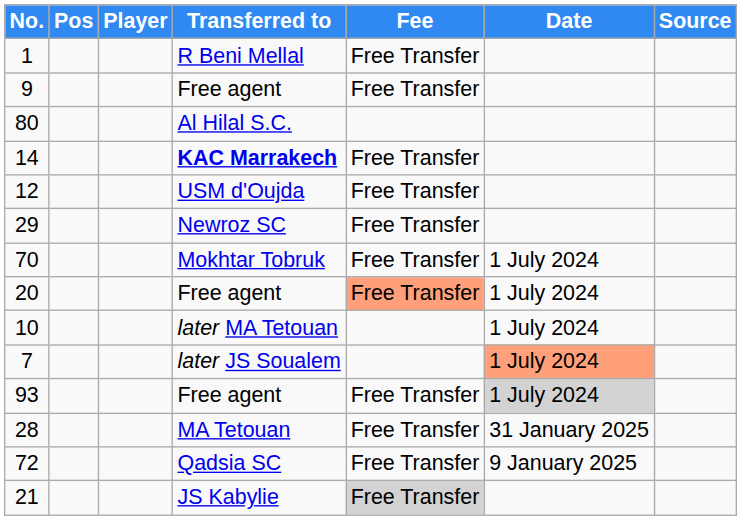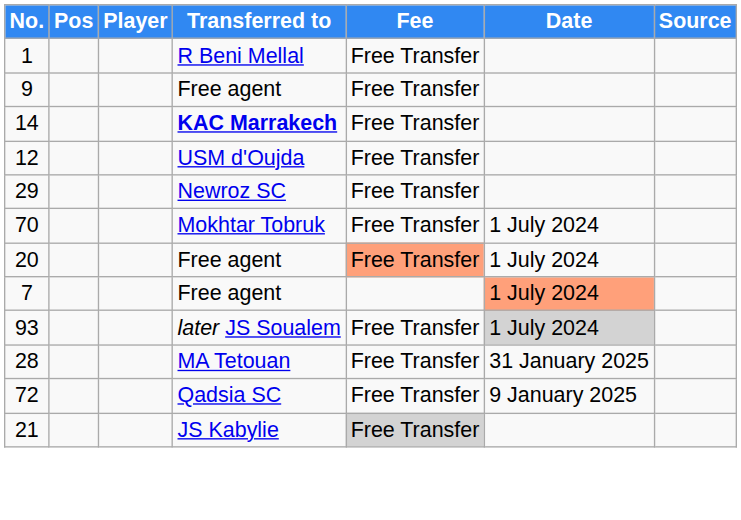 <table class="wikitable plainrowheaders sortable">
 <tr>
 <th style="background:#3088f2; color:#ffffff; ">No.</th>
 <th style="background:#3088f2; color:#ffffff; ">Pos</th>
 <th style="background:#3088f2; color:#ffffff; ">Player</th>
 <th style="background:#3088f2; color:#ffffff; ">Transferred to</th>
 <th style="background:#3088f2; color:#ffffff; ">Fee</th>
 <th style="background:#3088f2; color:#ffffff; ">Date</th>
 <th style="background:#3088f2; color:#ffffff; ">Source</th>
 </tr>
 <tr>
 <td align=center>1</td>
 <td align=center></td>
 <td></td>
 <td><a href='#'>R Beni Mellal</a></td>
 <td>Free Transfer</td>
 <td></td>
 <td></td>
 </tr>
 <tr>
 <td align=center>9</td>
 <td align=center></td>
 <td></td>
 <td>Free agent</td>
 <td>Free Transfer</td>
-<td></td>
-<td></td>
-</tr>
-<tr>
-<td align=center>80</td>
-<td align=center></td>
-<td></td>
-<td> <a href='#'>Al Hilal S.C.</a></td>
-<td></td>
 <td></td>
 <td></td>
 </tr>
 <tr>
 <td align=center>14</td>
 <td align=center></td>
 <td></td>
 <td><strong><a href='#'>KAC Marrakech</a></strong></td>
 <td>Free Transfer</td>
 <td></td>
 <td><br></td>
 </tr>
 <tr>
 <td align=center>12</td>
 <td align=center></td>
 <td></td>
 <td><a href='#'>USM d'Oujda</a></td>
 <td>Free Transfer</td>
 <td></td>
 <td></td>
 </tr>
 <tr>
 <td align=center>29</td>
 <td align=center></td>
 <td></td>
 <td> <a href='#'>Newroz SC</a></td>
 <td>Free Transfer</td>
 <td></td>
 <td></td>
 </tr>
 <tr>
 <td align=center>70</td>
 <td align=center></td>
 <td></td>
 <td> <a href='#'>Mokhtar Tobruk</a></td>
 <td>Free Transfer</td>
 <td>1 July 2024</td>
 <td></td>
 </tr>
 <tr>
 <td align=center>20</td>
 <td align=center></td>
 <td></td>
 <td>Free agent</td>
 <td style="background: lightsalmon;">Free Transfer</td>
 <td>1 July 2024</td>
 <td></td>
 </tr>
 <tr>
-<td align=center>10</td>
-<td align=center></td>
-<td></td>
-<td><em>later</em> <a href='#'>MA Tetouan</a></td>
-<td></td>
-<td>1 July 2024</td>
-<td></td>
-</tr>
-<tr>
 <td align=center>7</td>
 <td align=center></td>
 <td></td>
-<td><em>later</em> <a href='#'>JS Soualem</a></td>
+<td>Free agent</td>
 <td></td>
 <td style="background: lightsalmon;">1 July 2024</td>
 <td></td>
 </tr>
 <tr>
 <td align=center>93</td>
 <td align=center></td>
 <td></td>
-<td>Free agent</td>
+<td><em>later</em> <a href='#'>JS Soualem</a></td>
 <td>Free Transfer</td>
 <td style="background: lightgrey;">1 July 2024</td>
 <td></td>
 </tr>
 <tr>
 <td align=center>28</td>
 <td align=center></td>
 <td></td>
 <td><a href='#'>MA Tetouan</a></td>
 <td>Free Transfer</td>
 <td>31 January 2025</td>
 <td></td>
 </tr>
 <tr>
 <td align=center>72</td>
 <td align=center></td>
 <td></td>
 <td> <a href='#'>Qadsia SC</a></td>
 <td>Free Transfer</td>
 <td>9 January 2025</td>
 <td></td>
 </tr>
 <tr>
 <td align=center>21</td>
 <td align=center></td>
 <td></td>
 <td> <a href='#'>JS Kabylie</a></td>
 <td style="background: lightgrey;">Free Transfer</td>
 <td></td>
 <td></td>
 </tr>
 </table>
